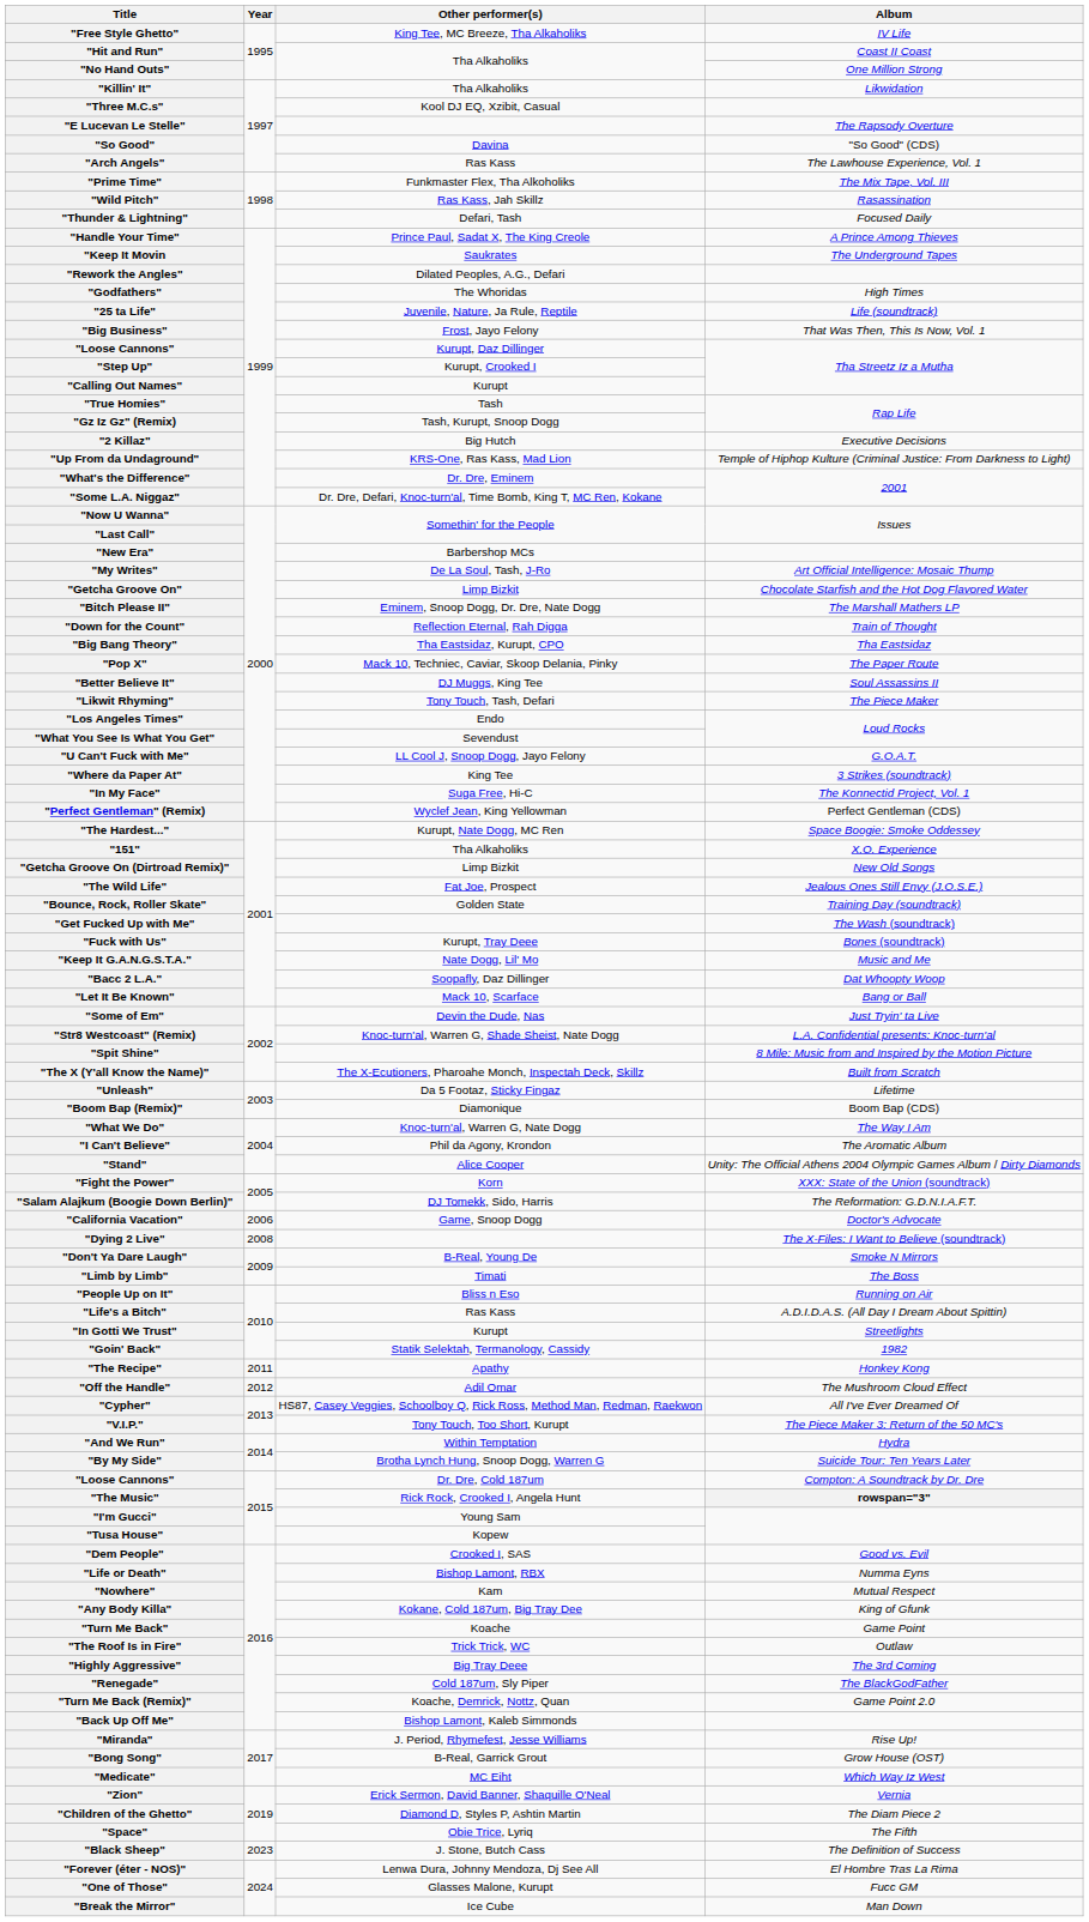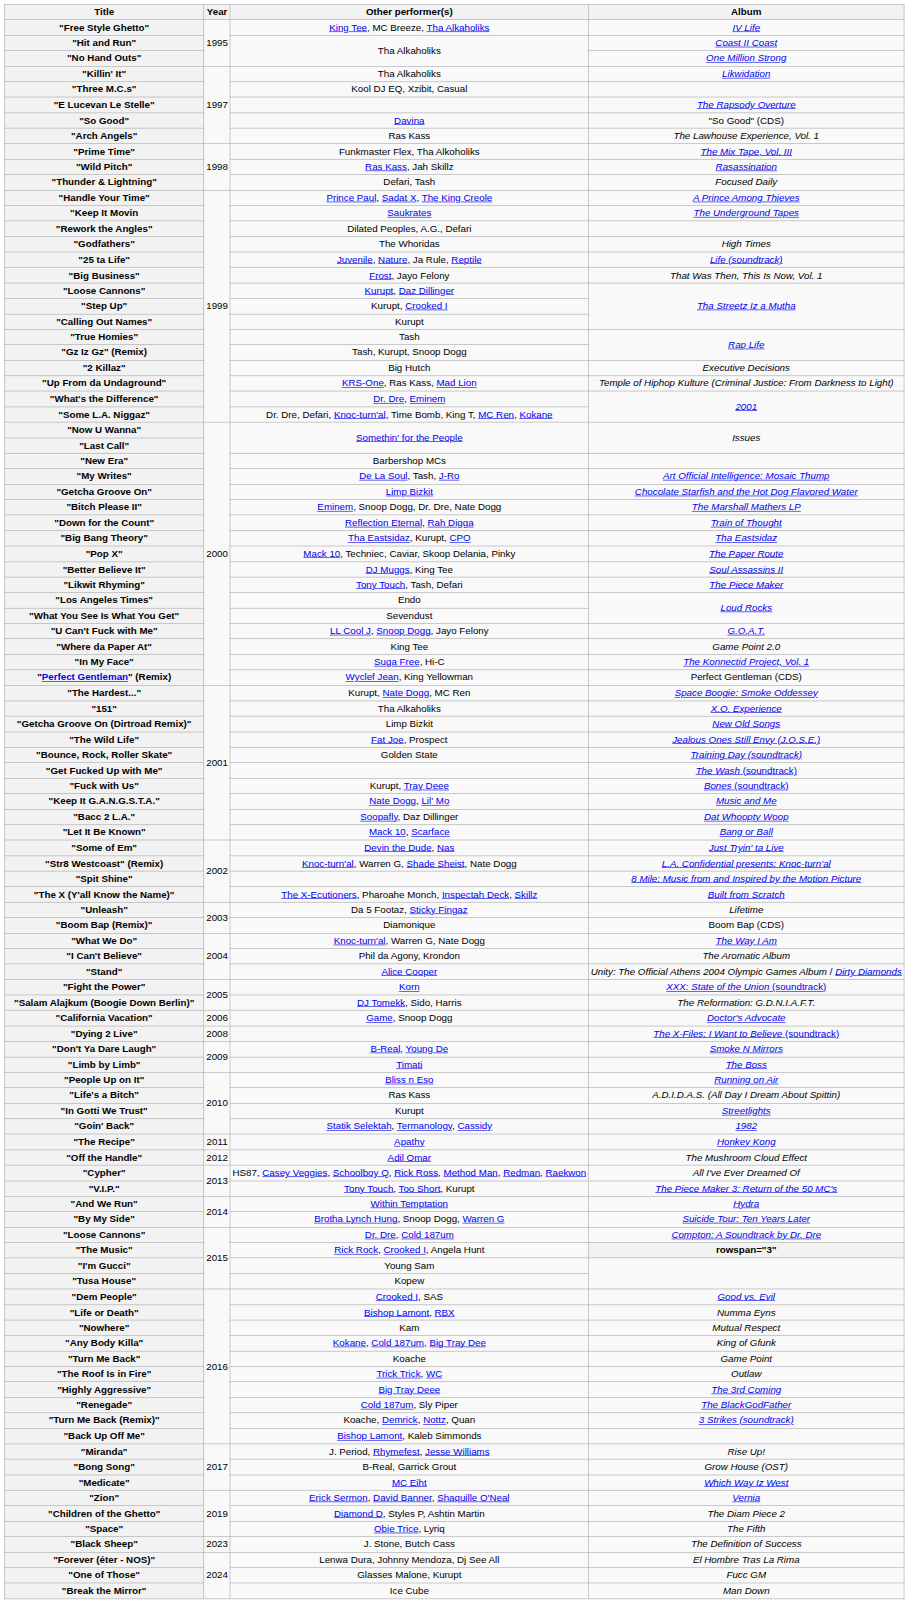 <table class="wikitable plainrowheaders" style="text-align:center;">
 <tr>
 <th scope="col" style="width:20em;">Title</th>
 <th scope="col">Year</th>
 <th scope="col">Other performer(s)</th>
 <th scope="col">Album</th>
 </tr>
 <tr>
 <th scope="row">"Free Style Ghetto"</th>
 <td rowspan="3">1995</td>
 <td><a href='#'>King Tee</a>, MC Breeze, <a href='#'>Tha Alkaholiks</a></td>
 <td><em><a href='#'>IV Life</a></em></td>
 </tr>
 <tr>
 <th scope="row">"Hit and Run"</th>
 <td rowspan="2">Tha Alkaholiks</td>
 <td><em><a href='#'>Coast II Coast</a></em></td>
 </tr>
 <tr>
 <th scope="row">"No Hand Outs"</th>
 <td><em><a href='#'>One Million Strong</a></em></td>
 </tr>
 <tr>
 <th scope="row">"Killin' It"</th>
 <td rowspan="5">1997</td>
 <td>Tha Alkaholiks</td>
 <td><em><a href='#'>Likwidation</a></em></td>
 </tr>
 <tr>
 <th scope="row">"Three M.C.s"</th>
 <td>Kool DJ EQ, Xzibit, Casual</td>
 <td></td>
 </tr>
 <tr>
 <th scope="row">"E Lucevan Le Stelle"</th>
 <td></td>
 <td><em><a href='#'>The Rapsody Overture</a></em></td>
 </tr>
 <tr>
 <th scope="row">"So Good"</th>
 <td><a href='#'>Davina</a></td>
 <td>"So Good" (CDS)</td>
 </tr>
 <tr>
 <th scope="row">"Arch Angels"</th>
 <td>Ras Kass</td>
 <td><em>The Lawhouse Experience, Vol. 1</em></td>
 </tr>
 <tr>
 <th scope="row">"Prime Time"</th>
 <td rowspan="3">1998</td>
 <td>Funkmaster Flex, Tha Alkoholiks</td>
 <td><em><a href='#'>The Mix Tape, Vol. III</a></em></td>
 </tr>
 <tr>
 <th scope="row">"Wild Pitch"</th>
 <td><a href='#'>Ras Kass</a>, Jah Skillz</td>
 <td><em><a href='#'>Rasassination</a></em></td>
 </tr>
 <tr>
 <th scope="row">"Thunder & Lightning"</th>
 <td>Defari, Tash</td>
 <td><em>Focused Daily</em></td>
 </tr>
 <tr>
 <th scope="row">"Handle Your Time"</th>
 <td rowspan="15">1999</td>
 <td><a href='#'>Prince Paul</a>, <a href='#'>Sadat X</a>, <a href='#'>The King Creole</a></td>
 <td><em><a href='#'>A Prince Among Thieves</a></em></td>
 </tr>
 <tr>
 <th scope="row">"Keep It Movin</th>
 <td><a href='#'>Saukrates</a></td>
 <td><em><a href='#'>The Underground Tapes</a></em></td>
 </tr>
 <tr>
 <th scope="row">"Rework the Angles"</th>
 <td>Dilated Peoples, A.G., Defari</td>
 <td></td>
 </tr>
 <tr>
 <th scope="row">"Godfathers"</th>
 <td>The Whoridas</td>
 <td><em>High Times</em></td>
 </tr>
 <tr>
 <th scope="row">"25 ta Life"</th>
 <td><a href='#'>Juvenile</a>, <a href='#'>Nature</a>, Ja Rule, <a href='#'>Reptile</a></td>
 <td><em><a href='#'>Life (soundtrack)</a></em></td>
 </tr>
 <tr>
 <th scope="row">"Big Business"</th>
 <td><a href='#'>Frost</a>, Jayo Felony</td>
 <td><em>That Was Then, This Is Now, Vol. 1</em></td>
 </tr>
 <tr>
 <th scope="row">"Loose Cannons"</th>
 <td><a href='#'>Kurupt</a>, <a href='#'>Daz Dillinger</a></td>
 <td rowspan="3"><em><a href='#'>Tha Streetz Iz a Mutha</a></em></td>
 </tr>
 <tr>
 <th scope="row">"Step Up"</th>
 <td>Kurupt, <a href='#'>Crooked I</a></td>
 </tr>
 <tr>
 <th scope="row">"Calling Out Names"</th>
 <td>Kurupt</td>
 </tr>
 <tr>
 <th scope="row">"True Homies"</th>
 <td>Tash</td>
 <td rowspan="2"><em><a href='#'>Rap Life</a></em></td>
 </tr>
 <tr>
 <th scope="row">"Gz Iz Gz" (Remix)</th>
 <td>Tash, Kurupt, Snoop Dogg</td>
 </tr>
 <tr>
 <th scope="row">"2 Killaz"</th>
 <td>Big Hutch</td>
 <td><em>Executive Decisions</em></td>
 </tr>
 <tr>
 <th scope="row">"Up From da Undaground"</th>
 <td><a href='#'>KRS-One</a>, Ras Kass, <a href='#'>Mad Lion</a></td>
 <td><em>Temple of Hiphop Kulture (Criminal Justice: From Darkness to Light)</em></td>
 </tr>
 <tr>
 <th scope="row">"What's the Difference"</th>
 <td><a href='#'>Dr. Dre</a>, <a href='#'>Eminem</a></td>
 <td rowspan="2"><em><a href='#'>2001</a></em></td>
 </tr>
 <tr>
 <th scope="row">"Some L.A. Niggaz"</th>
 <td>Dr. Dre, Defari, <a href='#'>Knoc-turn'al</a>, Time Bomb, King T, <a href='#'>MC Ren</a>, <a href='#'>Kokane</a></td>
 </tr>
 <tr>
 <th scope="row">"Now U Wanna"</th>
 <td rowspan="17">2000</td>
 <td rowspan="2"><a href='#'>Somethin' for the People</a></td>
 <td rowspan="2"><em>Issues</em></td>
 </tr>
 <tr>
 <th scope="row">"Last Call"</th>
 </tr>
 <tr>
 <th scope="row">"New Era"</th>
 <td>Barbershop MCs</td>
 <td></td>
 </tr>
 <tr>
 <th scope="row">"My Writes"</th>
 <td><a href='#'>De La Soul</a>, Tash, <a href='#'>J-Ro</a></td>
 <td><em><a href='#'>Art Official Intelligence: Mosaic Thump</a></em></td>
 </tr>
 <tr>
 <th scope="row">"Getcha Groove On"</th>
 <td><a href='#'>Limp Bizkit</a></td>
 <td><em><a href='#'>Chocolate Starfish and the Hot Dog Flavored Water</a></em></td>
 </tr>
 <tr>
 <th scope="row">"Bitch Please II"</th>
 <td><a href='#'>Eminem</a>, Snoop Dogg, Dr. Dre, Nate Dogg</td>
 <td><em><a href='#'>The Marshall Mathers LP</a></em></td>
 </tr>
 <tr>
 <th scope="row">"Down for the Count"</th>
 <td><a href='#'>Reflection Eternal</a>, <a href='#'>Rah Digga</a></td>
 <td><em><a href='#'>Train of Thought</a></em></td>
 </tr>
 <tr>
 <th scope="row">"Big Bang Theory"</th>
 <td><a href='#'>Tha Eastsidaz</a>, Kurupt, <a href='#'>CPO</a></td>
 <td><em><a href='#'>Tha Eastsidaz</a></em></td>
 </tr>
 <tr>
 <th scope="row">"Pop X"</th>
 <td><a href='#'>Mack 10</a>, Techniec, Caviar, Skoop Delania, Pinky</td>
 <td><em><a href='#'>The Paper Route</a></em></td>
 </tr>
 <tr>
 <th scope="row">"Better Believe It"</th>
 <td><a href='#'>DJ Muggs</a>, King Tee</td>
 <td><em><a href='#'>Soul Assassins II</a></em></td>
 </tr>
 <tr>
 <th scope="row">"Likwit Rhyming"</th>
 <td><a href='#'>Tony Touch</a>, Tash, Defari</td>
 <td><em><a href='#'>The Piece Maker</a></em></td>
 </tr>
 <tr>
 <th scope="row">"Los Angeles Times"</th>
 <td>Endo</td>
 <td rowspan="2"><em><a href='#'>Loud Rocks</a></em></td>
 </tr>
 <tr>
 <th scope="row">"What You See Is What You Get"</th>
 <td>Sevendust</td>
 </tr>
 <tr>
 <th scope="row">"U Can't Fuck with Me"</th>
 <td><a href='#'>LL Cool J</a>, <a href='#'>Snoop Dogg</a>, Jayo Felony</td>
 <td><em><a href='#'>G.O.A.T.</a></em></td>
 </tr>
 <tr>
 <th scope="row">"Where da Paper At"</th>
 <td>King Tee</td>
-<td><em><a href='#'>3 Strikes (soundtrack)</a></em></td>
+<td><em>Game Point 2.0</em></td>
 </tr>
 <tr>
 <th scope="row">"In My Face"</th>
 <td><a href='#'>Suga Free</a>, Hi-C</td>
 <td><em><a href='#'>The Konnectid Project, Vol. 1</a></em></td>
 </tr>
 <tr>
 <th scope="row">"<a href='#'>Perfect Gentleman</a>" (Remix)</th>
 <td><a href='#'>Wyclef Jean</a>, King Yellowman</td>
 <td>Perfect Gentleman (CDS)</td>
 </tr>
 <tr>
 <th scope="row">"The Hardest..."</th>
 <td rowspan="10">2001</td>
 <td>Kurupt, <a href='#'>Nate Dogg</a>, MC Ren</td>
 <td><em><a href='#'>Space Boogie: Smoke Oddessey</a></em></td>
 </tr>
 <tr>
 <th scope="row">"151"</th>
 <td>Tha Alkaholiks</td>
 <td><em><a href='#'>X.O. Experience</a></em></td>
 </tr>
 <tr>
 <th scope="row">"Getcha Groove On (Dirtroad Remix)"</th>
 <td>Limp Bizkit</td>
 <td><em><a href='#'>New Old Songs</a></em></td>
 </tr>
 <tr>
 <th scope="row">"The Wild Life"</th>
 <td><a href='#'>Fat Joe</a>, Prospect</td>
 <td><em><a href='#'>Jealous Ones Still Envy (J.O.S.E.)</a></em></td>
 </tr>
 <tr>
 <th scope="row">"Bounce, Rock, Roller Skate"</th>
 <td>Golden State</td>
 <td><em><a href='#'>Training Day (soundtrack)</a></em></td>
 </tr>
 <tr>
 <th scope="row">"Get Fucked Up with Me"</th>
 <td></td>
 <td><a href='#'><em>The Wash</em> (soundtrack)</a></td>
 </tr>
 <tr>
 <th scope="row">"Fuck with Us"</th>
 <td>Kurupt, <a href='#'>Tray Deee</a></td>
 <td><a href='#'><em>Bones</em> (soundtrack)</a></td>
 </tr>
 <tr>
 <th scope="row">"Keep It G.A.N.G.S.T.A."</th>
 <td><a href='#'>Nate Dogg</a>, <a href='#'>Lil' Mo</a></td>
 <td><em><a href='#'>Music and Me</a></em></td>
 </tr>
 <tr>
 <th scope="row">"Bacc 2 L.A."</th>
 <td><a href='#'>Soopafly</a>, Daz Dillinger</td>
 <td><em><a href='#'>Dat Whoopty Woop</a></em></td>
 </tr>
 <tr>
 <th scope="row">"Let It Be Known"</th>
 <td><a href='#'>Mack 10</a>, <a href='#'>Scarface</a></td>
 <td><em><a href='#'>Bang or Ball</a></em></td>
 </tr>
 <tr>
 <th scope="row">"Some of Em"</th>
 <td rowspan="4">2002</td>
 <td><a href='#'>Devin the Dude</a>, <a href='#'>Nas</a></td>
 <td><em><a href='#'>Just Tryin' ta Live</a></em></td>
 </tr>
 <tr>
 <th scope="row">"Str8 Westcoast" (Remix)</th>
 <td><a href='#'>Knoc-turn'al</a>, Warren G, <a href='#'>Shade Sheist</a>, Nate Dogg</td>
 <td><em><a href='#'>L.A. Confidential presents: Knoc-turn'al</a></em></td>
 </tr>
 <tr>
 <th scope="row">"Spit Shine"</th>
 <td></td>
 <td><em><a href='#'>8 Mile: Music from and Inspired by the Motion Picture</a></em></td>
 </tr>
 <tr>
 <th scope="row">"The X (Y'all Know the Name)"</th>
 <td><a href='#'>The X-Ecutioners</a>, Pharoahe Monch, <a href='#'>Inspectah Deck</a>, <a href='#'>Skillz</a></td>
 <td><em><a href='#'>Built from Scratch</a></em></td>
 </tr>
 <tr>
 <th scope="row">"Unleash"</th>
 <td rowspan="2">2003</td>
 <td>Da 5 Footaz, <a href='#'>Sticky Fingaz</a></td>
 <td><em>Lifetime</em></td>
 </tr>
 <tr>
 <th scope="row">"Boom Bap (Remix)"</th>
 <td>Diamonique</td>
 <td>Boom Bap (CDS)</td>
 </tr>
 <tr>
 <th scope="row">"What We Do"</th>
 <td rowspan="3">2004</td>
 <td><a href='#'>Knoc-turn'al</a>, Warren G, Nate Dogg</td>
 <td><em><a href='#'>The Way I Am</a></em></td>
 </tr>
 <tr>
 <th scope="row">"I Can't Believe"</th>
 <td>Phil da Agony, Krondon</td>
 <td><em>The Aromatic Album</em></td>
 </tr>
 <tr>
 <th scope="row">"Stand"</th>
 <td><a href='#'>Alice Cooper</a></td>
 <td><em>Unity: The Official Athens 2004 Olympic Games Album</em> / <em><a href='#'>Dirty Diamonds</a></em></td>
 </tr>
 <tr>
 <th scope="row">"Fight the Power"</th>
 <td rowspan="2">2005</td>
 <td><a href='#'>Korn</a></td>
 <td><a href='#'><em>XXX: State of the Union</em> (soundtrack)</a></td>
 </tr>
 <tr>
 <th scope="row">"Salam Alajkum (Boogie Down Berlin)"</th>
 <td><a href='#'>DJ Tomekk</a>, Sido, Harris</td>
 <td><em>The Reformation: G.D.N.I.A.F.T.</em></td>
 </tr>
 <tr>
 <th scope="row">"California Vacation"</th>
 <td>2006</td>
 <td><a href='#'>Game</a>, Snoop Dogg</td>
 <td><em><a href='#'>Doctor's Advocate</a></em></td>
 </tr>
 <tr>
 <th scope="row">"Dying 2 Live"</th>
 <td>2008</td>
 <td></td>
 <td><a href='#'><em>The X-Files: I Want to Believe</em> (soundtrack)</a></td>
 </tr>
 <tr>
 <th scope="row">"Don't Ya Dare Laugh"</th>
 <td rowspan="2">2009</td>
 <td><a href='#'>B-Real</a>, <a href='#'>Young De</a></td>
 <td><em><a href='#'>Smoke N Mirrors</a></em></td>
 </tr>
 <tr>
 <th scope="row">"Limb by Limb"</th>
 <td><a href='#'>Timati</a></td>
 <td><em><a href='#'>The Boss</a></em></td>
 </tr>
 <tr>
 <th scope="row">"People Up on It"</th>
 <td rowspan="4">2010</td>
 <td><a href='#'>Bliss n Eso</a></td>
 <td><em><a href='#'>Running on Air</a></em></td>
 </tr>
 <tr>
 <th scope="row">"Life's a Bitch"</th>
 <td>Ras Kass</td>
 <td><em>A.D.I.D.A.S. (All Day I Dream About Spittin)</em></td>
 </tr>
 <tr>
 <th scope="row">"In Gotti We Trust"</th>
 <td>Kurupt</td>
 <td><em><a href='#'>Streetlights</a></em></td>
 </tr>
 <tr>
 <th scope="row">"Goin' Back"</th>
 <td><a href='#'>Statik Selektah</a>, <a href='#'>Termanology</a>, <a href='#'>Cassidy</a></td>
 <td><em><a href='#'>1982</a></em></td>
 </tr>
 <tr>
 <th scope="row">"The Recipe"</th>
 <td>2011</td>
 <td><a href='#'>Apathy</a></td>
 <td><em><a href='#'>Honkey Kong</a></em></td>
 </tr>
 <tr>
 <th scope="row">"Off the Handle"</th>
 <td>2012</td>
 <td><a href='#'>Adil Omar</a></td>
 <td><em>The Mushroom Cloud Effect</em></td>
 </tr>
 <tr>
 <th scope="row">"Cypher"</th>
 <td rowspan="2">2013</td>
 <td>HS87, <a href='#'>Casey Veggies</a>, <a href='#'>Schoolboy Q</a>, <a href='#'>Rick Ross</a>, <a href='#'>Method Man</a>, <a href='#'>Redman</a>, <a href='#'>Raekwon</a></td>
 <td><em>All I've Ever Dreamed Of</em></td>
 </tr>
 <tr>
 <th scope="row">"V.I.P."</th>
 <td><a href='#'>Tony Touch</a>, <a href='#'>Too Short</a>, Kurupt</td>
 <td><em><a href='#'>The Piece Maker 3: Return of the 50 MC's</a></em></td>
 </tr>
 <tr>
 <th scope="row">"And We Run"</th>
 <td rowspan= "2">2014</td>
 <td><a href='#'>Within Temptation</a></td>
 <td><em><a href='#'>Hydra</a></em></td>
 </tr>
 <tr>
 <th scope="row">"By My Side"</th>
 <td><a href='#'>Brotha Lynch Hung</a>, Snoop Dogg, <a href='#'>Warren G</a></td>
 <td><em><a href='#'>Suicide Tour: Ten Years Later</a></em></td>
 </tr>
 <tr>
 <th scope="row">"Loose Cannons"</th>
 <td rowspan="4">2015</td>
 <td><a href='#'>Dr. Dre</a>, <a href='#'>Cold 187um</a></td>
 <td><em><a href='#'>Compton: A Soundtrack by Dr. Dre</a></em></td>
 </tr>
 <tr>
 <th scope="row">"The Music"</th>
 <td><a href='#'>Rick Rock</a>, <a href='#'>Crooked I</a>, Angela Hunt</td>
 <th>rowspan="3" </th>
 </tr>
 <tr>
 <th scope="row">"I'm Gucci"</th>
 <td>Young Sam</td>
 </tr>
 <tr>
 <th scope="row">"Tusa House"</th>
 <td>Kopew</td>
 </tr>
 <tr>
 <th scope="row">"Dem People"</th>
 <td rowspan="10">2016</td>
 <td><a href='#'>Crooked I</a>, SAS</td>
 <td><em><a href='#'>Good vs. Evil</a></em></td>
 </tr>
 <tr>
 <th scope="row">"Life or Death"</th>
 <td><a href='#'>Bishop Lamont</a>, <a href='#'>RBX</a></td>
 <td><em>Numma Eyns</em></td>
 </tr>
 <tr>
 <th scope="row">"Nowhere"</th>
 <td>Kam</td>
 <td><em>Mutual Respect</em></td>
 </tr>
 <tr>
 <th scope="row">"Any Body Killa"</th>
 <td><a href='#'>Kokane</a>, <a href='#'>Cold 187um</a>, <a href='#'>Big Tray Dee</a></td>
 <td><em>King of Gfunk</em></td>
 </tr>
 <tr>
 <th scope="row">"Turn Me Back"</th>
 <td>Koache</td>
 <td><em>Game Point</em></td>
 </tr>
 <tr>
 <th scope="row">"The Roof Is in Fire"</th>
 <td><a href='#'>Trick Trick</a>, <a href='#'>WC</a></td>
 <td><em>Outlaw</em></td>
 </tr>
 <tr>
 <th scope="row">"Highly Aggressive"</th>
 <td><a href='#'>Big Tray Deee</a></td>
 <td><em><a href='#'>The 3rd Coming</a></em></td>
 </tr>
 <tr>
 <th scope="row">"Renegade"</th>
 <td><a href='#'>Cold 187um</a>, Sly Piper</td>
 <td><em><a href='#'>The BlackGodFather</a></em></td>
 </tr>
 <tr>
 <th scope="row">"Turn Me Back (Remix)"</th>
 <td>Koache, <a href='#'>Demrick</a>, <a href='#'>Nottz</a>, Quan</td>
-<td><em>Game Point 2.0</em></td>
+<td><em><a href='#'>3 Strikes (soundtrack)</a></em></td>
 </tr>
 <tr>
 <th scope="row">"Back Up Off Me"</th>
 <td><a href='#'>Bishop Lamont</a>, Kaleb Simmonds</td>
 <td></td>
 </tr>
 <tr>
 <th scope="row">"Miranda"</th>
 <td rowspan="3">2017</td>
 <td>J. Period, <a href='#'>Rhymefest</a>, <a href='#'>Jesse Williams</a></td>
 <td><em>Rise Up!</em></td>
 </tr>
 <tr>
 <th scope="row">"Bong Song"</th>
 <td>B-Real, Garrick Grout</td>
 <td><em>Grow House (OST)</em></td>
 </tr>
 <tr>
 <th scope="row">"Medicate"</th>
 <td><a href='#'>MC Eiht</a></td>
 <td><em><a href='#'>Which Way Iz West</a></em></td>
 </tr>
 <tr>
 <th scope="row">"Zion"</th>
 <td rowspan="3">2019</td>
 <td><a href='#'>Erick Sermon</a>, <a href='#'>David Banner</a>, <a href='#'>Shaquille O'Neal</a></td>
 <td><em><a href='#'>Vernia</a></em></td>
 </tr>
 <tr>
 <th scope="row">"Children of the Ghetto"</th>
 <td><a href='#'>Diamond D</a>, Styles P, Ashtin Martin</td>
 <td><em>The Diam Piece 2</em></td>
 </tr>
 <tr>
 <th scope="row">"Space"</th>
 <td><a href='#'>Obie Trice</a>, Lyriq</td>
 <td><em>The Fifth</em></td>
 </tr>
 <tr>
 <th scope="row">"Black Sheep"</th>
 <td>2023</td>
 <td>J. Stone, Butch Cass</td>
 <td><em>The Definition of Success</em></td>
 </tr>
 <tr>
 <th scope="row">"Forever (éter - NOS)"</th>
 <td rowspan="3">2024</td>
 <td>Lenwa Dura, Johnny Mendoza, Dj See All</td>
 <td><em>El Hombre Tras La Rima</em></td>
 </tr>
 <tr>
 <th scope="row">"One of Those"</th>
 <td>Glasses Malone, Kurupt</td>
 <td><em>Fucc GM</em></td>
 </tr>
 <tr>
 <th scope="row">"Break the Mirror"</th>
 <td>Ice Cube</td>
 <td><em>Man Down</em></td>
 </tr>
 </table>
